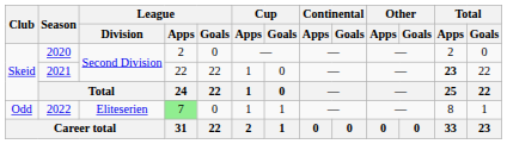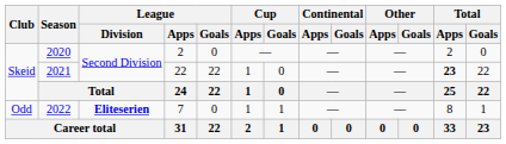 <table class="wikitable" style="text-align:center">
 <tr>
 <th rowspan="2">Club</th>
 <th rowspan="2">Season</th>
 <th colspan="3">League</th>
 <th colspan="2">Cup</th>
 <th colspan="2">Continental</th>
 <th colspan="2">Other</th>
 <th colspan="2">Total</th>
 </tr>
 <tr>
 <th>Division</th>
 <th>Apps</th>
 <th>Goals</th>
 <th>Apps</th>
 <th>Goals</th>
 <th>Apps</th>
 <th>Goals</th>
 <th>Apps</th>
 <th>Goals</th>
 <th>Apps</th>
 <th>Goals</th>
 </tr>
 <tr>
 <td rowspan="3"><a href='#'>Skeid</a></td>
 <td><a href='#'>2020</a></td>
 <td rowspan="2"><a href='#'>Second Division</a></td>
 <td>2</td>
 <td>0</td>
 <td colspan="2">—</td>
 <td colspan="2">—</td>
 <td colspan="2">—</td>
 <td>2</td>
 <td>0</td>
 </tr>
 <tr>
 <td><a href='#'>2021</a></td>
 <td>22</td>
 <td>22</td>
 <td>1</td>
 <td>0</td>
 <td colspan="2">—</td>
 <td colspan="2">—</td>
 <td><strong>23</strong></td>
 <td>22</td>
 </tr>
 <tr>
 <th colspan="2">Total</th>
 <th>24</th>
 <th>22</th>
 <th>1</th>
 <th>0</th>
 <th colspan="2">—</th>
 <th colspan="2">—</th>
 <th>25</th>
 <th>22</th>
 </tr>
 <tr>
 <td><a href='#'>Odd</a></td>
 <td><a href='#'>2022</a></td>
-<td><a href='#'>Eliteserien</a></td>
-<td style="background: lightgreen;">7</td>
+<td><strong><a href='#'>Eliteserien</a></strong></td>
+<td>7</td>
 <td>0</td>
 <td>1</td>
 <td>1</td>
 <td colspan="2">—</td>
 <td colspan="2">—</td>
 <td>8</td>
 <td>1</td>
 </tr>
 <tr>
 <th colspan="3">Career total</th>
 <th>31</th>
 <th>22</th>
 <th>2</th>
 <th>1</th>
 <th>0</th>
 <th>0</th>
 <th>0</th>
 <th>0</th>
 <th>33</th>
 <th>23</th>
 </tr>
 </table>
